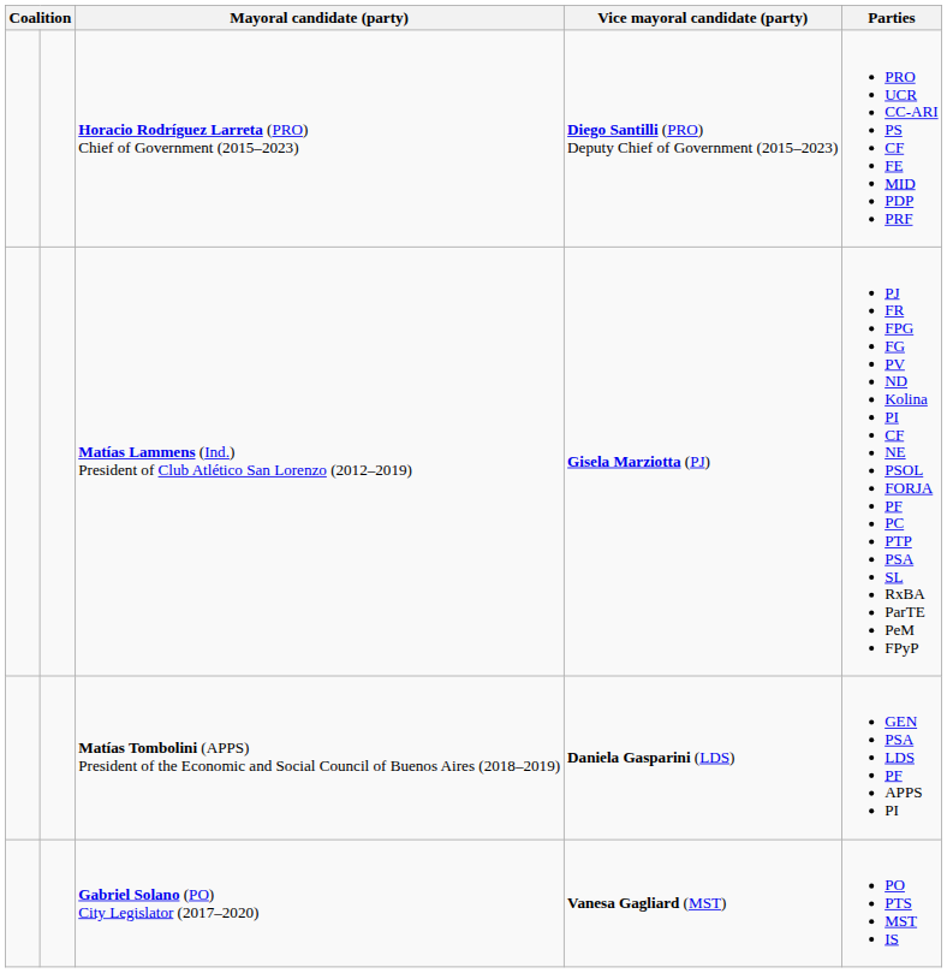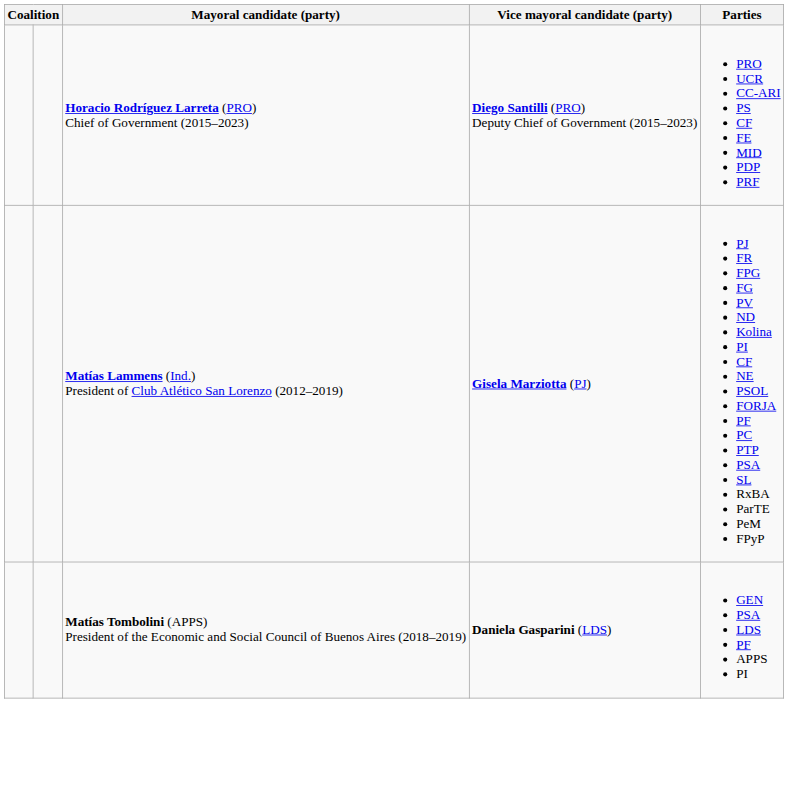 <table class="vertical-align-top wikitable">
 <tr>
 <th scope=colgroup colspan=2>Coalition</th>
 <th scope=colgroup>Mayoral candidate (party)<br></th>
 <th scope=colgroup>Vice mayoral candidate (party)<br></th>
 <th scope=col>Parties</th>
 </tr>
 <tr>
 <td style="background:"></td>
 <td style="text-align:center; line-height:1.3"></td>
 <td><strong><a href='#'>Horacio Rodríguez Larreta</a></strong> (<a href='#'>PRO</a>)<br>Chief of Government (2015–2023)</td>
 <td><strong><a href='#'>Diego Santilli</a></strong> (<a href='#'>PRO</a>)<br>Deputy Chief of Government (2015–2023)</td>
 <td><br><ul><li><a href='#'>PRO</a></li><li><a href='#'>UCR</a></li><li><a href='#'>CC-ARI</a></li><li><a href='#'>PS</a></li><li><a href='#'>CF</a></li><li><a href='#'>FE</a></li><li><a href='#'>MID</a></li><li><a href='#'>PDP</a></li><li><a href='#'>PRF</a></li></ul></td>
 </tr>
 <tr>
 <td style=background:></td>
 <td style="text-align:center; line-height:1.3"></td>
 <td><strong><a href='#'>Matías Lammens</a></strong> (<a href='#'>Ind.</a>)<br>President of <a href='#'>Club Atlético San Lorenzo</a> (2012–2019)</td>
 <td><strong><a href='#'>Gisela Marziotta</a></strong> (<a href='#'>PJ</a>)</td>
 <td><br><ul><li><a href='#'>PJ</a></li><li><a href='#'>FR</a></li><li><a href='#'>FPG</a></li><li><a href='#'>FG</a></li><li><a href='#'>PV</a></li><li><a href='#'>ND</a></li><li><a href='#'>Kolina</a></li><li><a href='#'>PI</a></li><li><a href='#'>CF</a></li><li><a href='#'>NE</a></li><li><a href='#'>PSOL</a></li><li><a href='#'>FORJA</a></li><li><a href='#'>PF</a></li><li><a href='#'>PC</a></li><li><a href='#'>PTP</a></li><li><a href='#'>PSA</a></li><li><a href='#'>SL</a></li><li>RxBA</li><li>ParTE</li><li>PeM</li><li>FPyP</li></ul></td>
 </tr>
 <tr>
 <td style=background:></td>
 <td style="text-align:center; line-height:1.3"></td>
 <td><strong>Matías Tombolini</strong> (APPS)<br>President of the Economic and Social Council of Buenos Aires (2018–2019)</td>
 <td><strong>Daniela Gasparini</strong> (<a href='#'>LDS</a>)</td>
 <td><br><ul><li><a href='#'>GEN</a></li><li><a href='#'>PSA</a></li><li><a href='#'>LDS</a></li><li><a href='#'>PF</a></li><li>APPS</li><li>PI</li></ul></td>
 </tr>
-<tr>
-<td style=background:></td>
-<td style="text-align:center; line-height:1.3"></td>
-<td><strong><a href='#'>Gabriel Solano</a></strong> (<a href='#'>PO</a>)<br><a href='#'>City Legislator</a> (2017–2020)</td>
-<td><strong>Vanesa Gagliard</strong> (<a href='#'>MST</a>)</td>
-<td><br><ul><li><a href='#'>PO</a></li><li><a href='#'>PTS</a></li><li><a href='#'>MST</a></li><li><a href='#'>IS</a></li></ul></td>
-</tr>
 </table>
